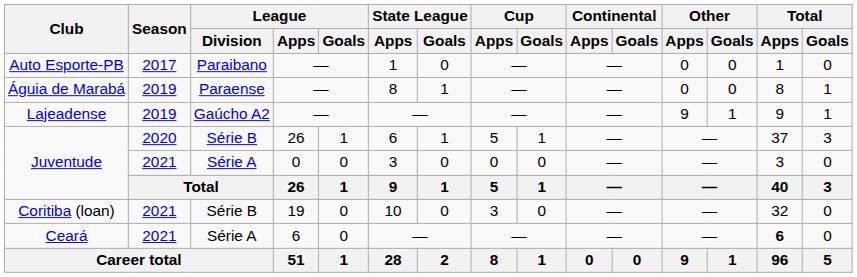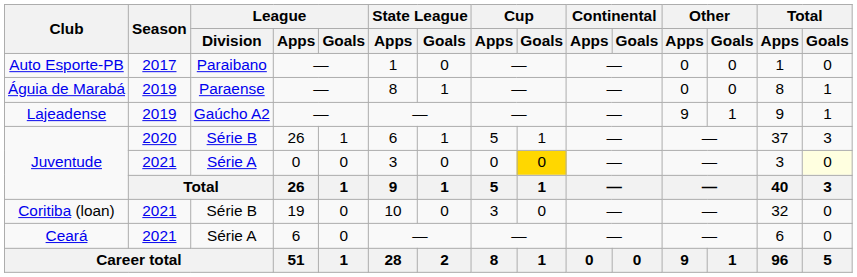 <table class="wikitable" style="text-align: center;">
 <tr>
 <th rowspan="2">Club</th>
 <th rowspan="2">Season</th>
 <th colspan="3">League</th>
 <th colspan="2">State League</th>
 <th colspan="2">Cup</th>
 <th colspan="2">Continental</th>
 <th colspan="2">Other</th>
 <th colspan="2">Total</th>
 </tr>
 <tr>
 <th>Division</th>
 <th>Apps</th>
 <th>Goals</th>
 <th>Apps</th>
 <th>Goals</th>
 <th>Apps</th>
 <th>Goals</th>
 <th>Apps</th>
 <th>Goals</th>
 <th>Apps</th>
 <th>Goals</th>
 <th>Apps</th>
 <th>Goals</th>
 </tr>
 <tr>
 <td valign="center"><a href='#'>Auto Esporte-PB</a></td>
 <td><a href='#'>2017</a></td>
 <td><a href='#'>Paraibano</a></td>
 <td colspan="2">—</td>
 <td>1</td>
 <td>0</td>
 <td colspan="2">—</td>
 <td colspan="2">—</td>
 <td>0</td>
 <td>0</td>
 <td>1</td>
 <td>0</td>
 </tr>
 <tr>
 <td valign="center"><a href='#'>Águia de Marabá</a></td>
 <td><a href='#'>2019</a></td>
 <td><a href='#'>Paraense</a></td>
 <td colspan="2">—</td>
 <td>8</td>
 <td>1</td>
 <td colspan="2">—</td>
 <td colspan="2">—</td>
 <td>0</td>
 <td>0</td>
 <td>8</td>
 <td>1</td>
 </tr>
 <tr>
 <td valign="center"><a href='#'>Lajeadense</a></td>
 <td><a href='#'>2019</a></td>
 <td><a href='#'>Gaúcho A2</a></td>
 <td colspan="2">—</td>
 <td colspan="2">—</td>
 <td colspan="2">—</td>
 <td colspan="2">—</td>
 <td>9</td>
 <td>1</td>
 <td>9</td>
 <td>1</td>
 </tr>
 <tr>
 <td rowspan="3" valign="center"><a href='#'>Juventude</a></td>
 <td><a href='#'>2020</a></td>
 <td><a href='#'>Série B</a></td>
 <td>26</td>
 <td>1</td>
 <td>6</td>
 <td>1</td>
 <td>5</td>
 <td>1</td>
 <td colspan="2">—</td>
 <td colspan="2">—</td>
 <td>37</td>
 <td>3</td>
 </tr>
 <tr>
 <td><a href='#'>2021</a></td>
 <td><a href='#'>Série A</a></td>
 <td>0</td>
 <td>0</td>
 <td>3</td>
 <td>0</td>
 <td>0</td>
-<td>0</td>
+<td style="background: gold;">0</td>
 <td colspan="2">—</td>
 <td colspan="2">—</td>
 <td>3</td>
-<td>0</td>
+<td style="background: lightyellow;">0</td>
 </tr>
 <tr>
 <th colspan="2">Total</th>
 <th>26</th>
 <th>1</th>
 <th>9</th>
 <th>1</th>
 <th>5</th>
 <th>1</th>
 <th colspan="2">—</th>
 <th colspan="2">—</th>
 <th>40</th>
 <th>3</th>
 </tr>
 <tr>
 <td valign="center"><a href='#'>Coritiba</a> (loan)</td>
 <td><a href='#'>2021</a></td>
 <td>Série B</td>
 <td>19</td>
 <td>0</td>
 <td>10</td>
 <td>0</td>
 <td>3</td>
 <td>0</td>
 <td colspan="2">—</td>
 <td colspan="2">—</td>
 <td>32</td>
 <td>0</td>
 </tr>
 <tr>
 <td valign="center"><a href='#'>Ceará</a></td>
 <td><a href='#'>2021</a></td>
 <td>Série A</td>
 <td>6</td>
 <td>0</td>
 <td colspan="2">—</td>
 <td colspan="2">—</td>
 <td colspan="2">—</td>
 <td colspan="2">—</td>
-<td><strong>6</strong></td>
+<td>6</td>
 <td>0</td>
 </tr>
 <tr>
 <th colspan="3"><strong>Career total</strong></th>
 <th>51</th>
 <th>1</th>
 <th>28</th>
 <th>2</th>
 <th>8</th>
 <th>1</th>
 <th>0</th>
 <th>0</th>
 <th>9</th>
 <th>1</th>
 <th>96</th>
 <th>5</th>
 </tr>
 </table>
